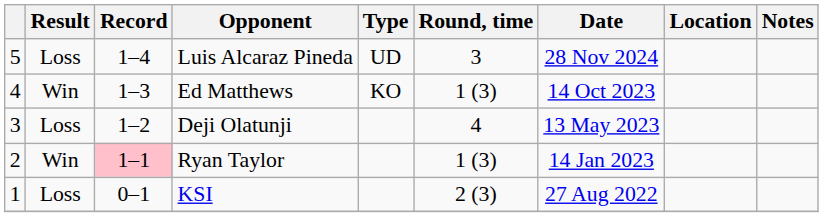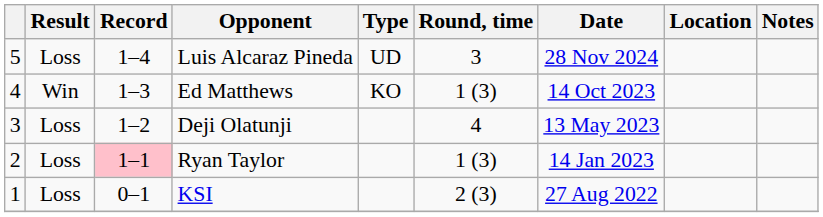 <table class="wikitable" style="text-align:center">
 <tr>
 <th></th>
 <th>Result</th>
 <th>Record</th>
 <th>Opponent</th>
 <th>Type</th>
 <th>Round, time</th>
 <th>Date</th>
 <th>Location</th>
 <th>Notes</th>
 </tr>
 <tr>
 <td>5</td>
 <td>Loss</td>
 <td>1–4</td>
 <td style="text-align:left;">Luis Alcaraz Pineda</td>
 <td>UD</td>
 <td>3</td>
 <td><a href='#'>28 Nov 2024</a></td>
 <td style="text-align:left;"></td>
 <td style="text-align:left;"></td>
 </tr>
 <tr>
 <td>4</td>
 <td>Win</td>
 <td>1–3</td>
 <td style="text-align:left;">Ed Matthews</td>
 <td>KO</td>
 <td>1 (3)  </td>
 <td><a href='#'>14 Oct 2023</a></td>
 <td style="text-align:left;"></td>
 <td style="text-align:left;"></td>
 </tr>
 <tr>
 <td>3</td>
 <td>Loss</td>
 <td>1–2</td>
 <td style="text-align:left;">Deji Olatunji</td>
 <td></td>
 <td>4</td>
 <td><a href='#'>13 May 2023</a></td>
 <td style="text-align:left;"></td>
 <td style="text-align:left;"></td>
 </tr>
 <tr>
 <td>2</td>
-<td>Win</td>
+<td>Loss</td>
 <td style="background: pink;">1–1</td>
 <td style="text-align:left;">Ryan Taylor</td>
 <td></td>
 <td>1 (3)  </td>
 <td><a href='#'>14 Jan 2023</a></td>
 <td style="text-align:left;"></td>
 <td style="text-align:left;"></td>
 </tr>
 <tr>
 <td>1</td>
 <td>Loss</td>
 <td>0–1</td>
 <td style="text-align:left;"><a href='#'>KSI</a></td>
 <td></td>
 <td>2 (3)  </td>
 <td><a href='#'>27 Aug 2022</a></td>
 <td style="text-align:left;"></td>
 <td style="text-align:left;"></td>
 </tr>
 <tr>
 </tr>
 </table>
